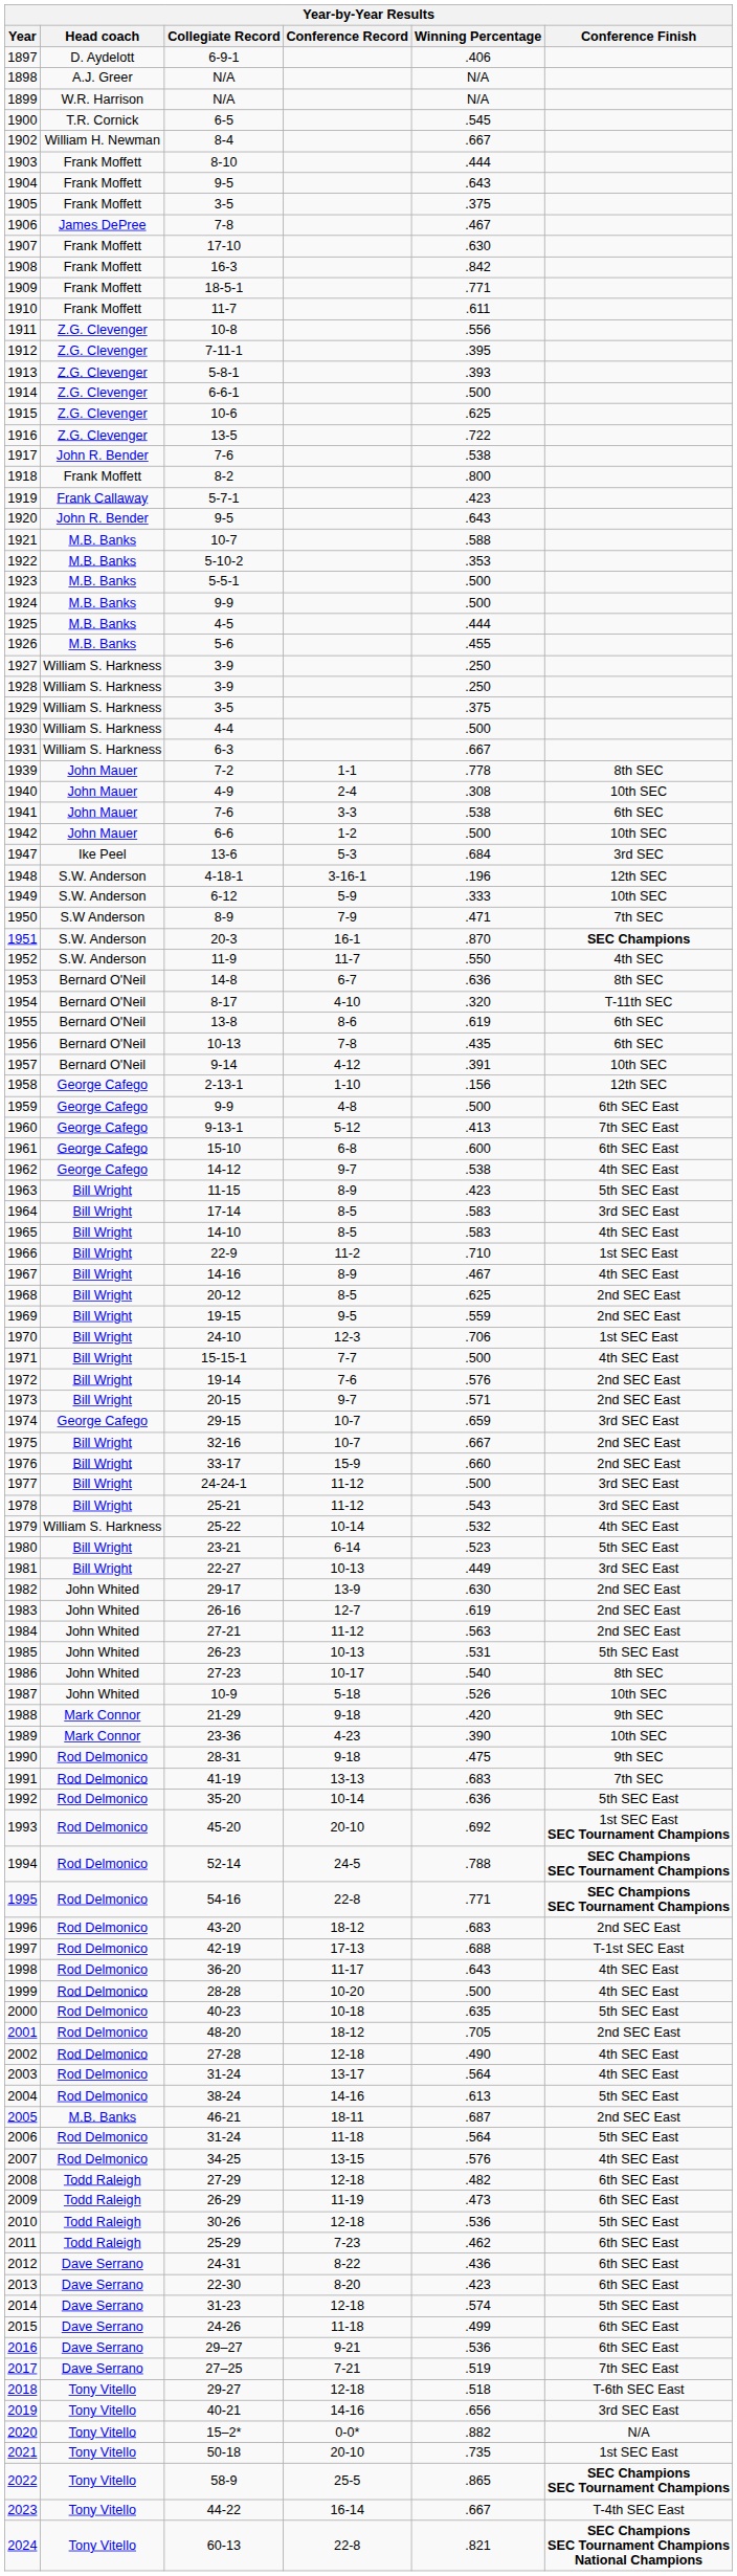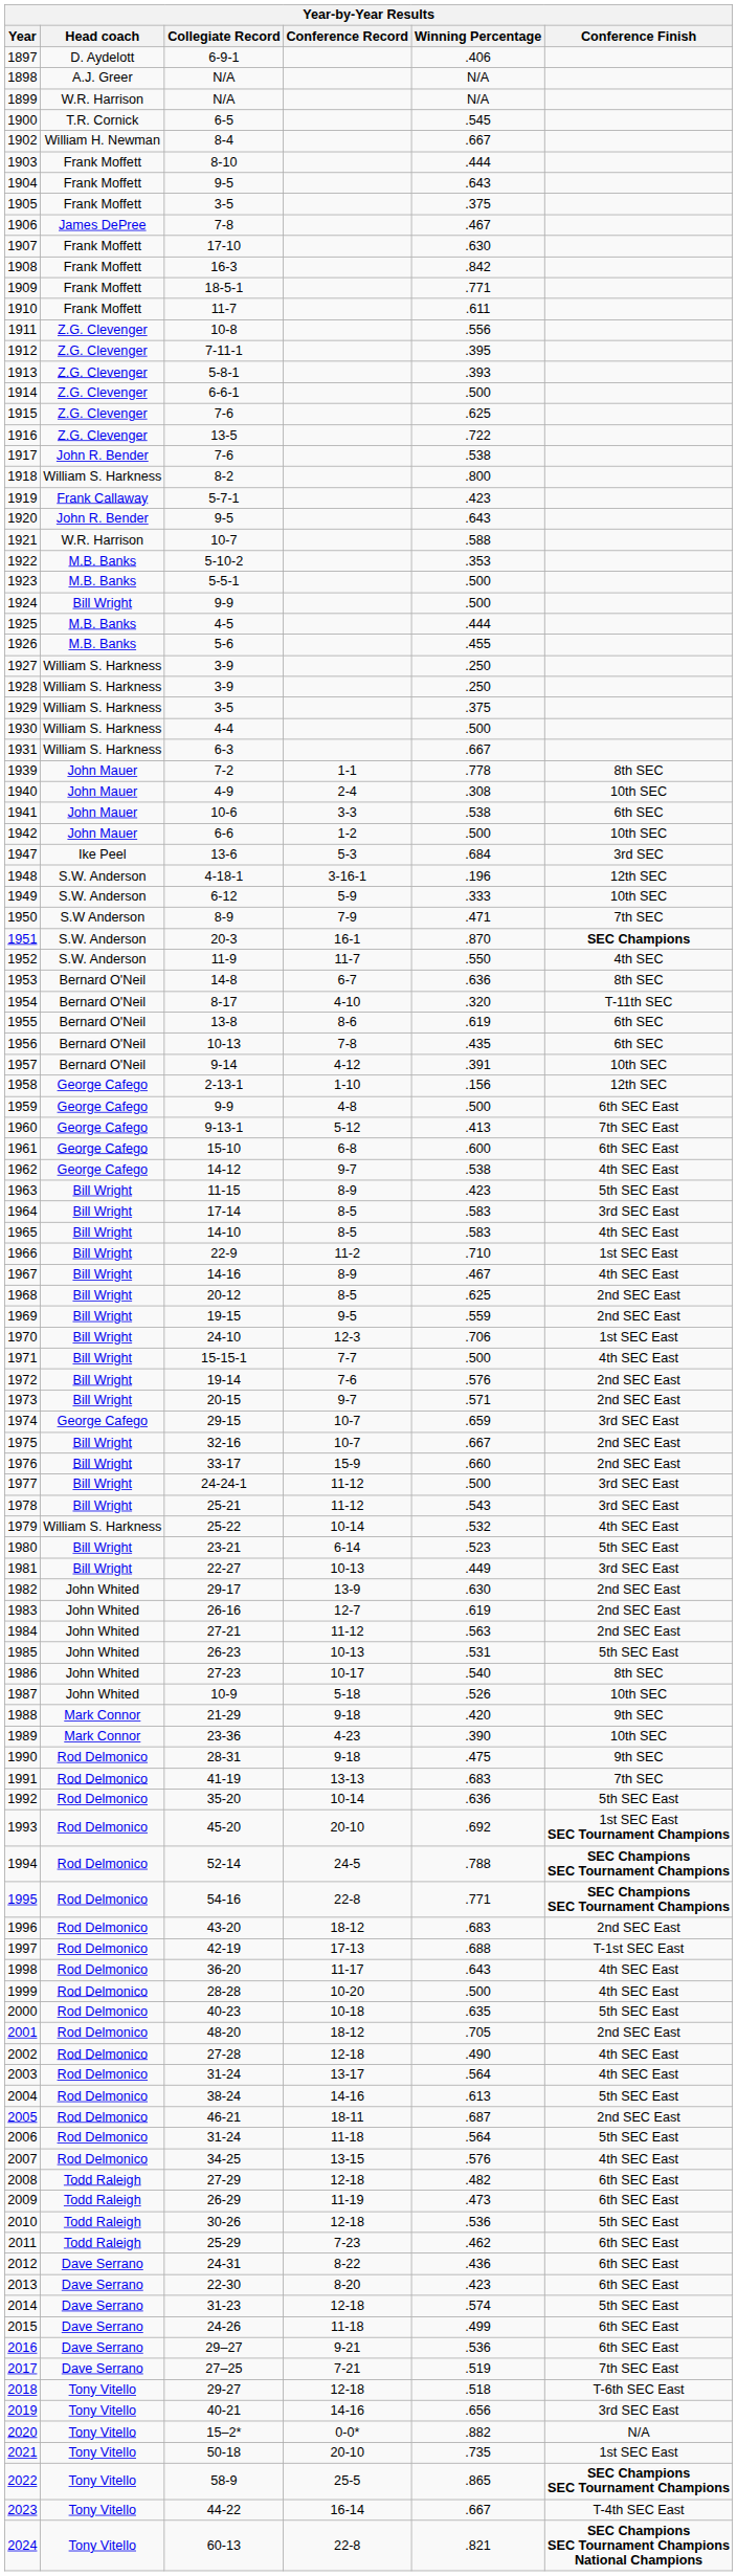 <table class="wikitable sortable collapsible" style="text-align:center">
 <tr>
 <th colspan=6>Year-by-Year Results</th>
 </tr>
 <tr>
 <th>Year</th>
 <th>Head coach</th>
 <th>Collegiate Record</th>
 <th>Conference Record</th>
 <th>Winning Percentage</th>
 <th>Conference Finish</th>
 </tr>
 <tr>
 <td>1897</td>
 <td>D. Aydelott</td>
 <td>6-9-1</td>
 <td></td>
 <td>.406</td>
 <td></td>
 </tr>
 <tr>
 <td>1898</td>
 <td>A.J. Greer</td>
 <td>N/A</td>
 <td></td>
 <td>N/A</td>
 <td></td>
 </tr>
 <tr>
 <td>1899</td>
 <td>W.R. Harrison</td>
 <td>N/A</td>
 <td></td>
 <td>N/A</td>
 <td></td>
 </tr>
 <tr>
 <td>1900</td>
 <td>T.R. Cornick</td>
 <td>6-5</td>
 <td></td>
 <td>.545</td>
 <td></td>
 </tr>
 <tr>
 <td>1902</td>
 <td>William H. Newman</td>
 <td>8-4</td>
 <td></td>
 <td>.667</td>
 <td></td>
 </tr>
 <tr>
 <td>1903</td>
 <td>Frank Moffett</td>
 <td>8-10</td>
 <td></td>
 <td>.444</td>
 <td></td>
 </tr>
 <tr>
 <td>1904</td>
 <td>Frank Moffett</td>
 <td>9-5</td>
 <td></td>
 <td>.643</td>
 <td></td>
 </tr>
 <tr>
 <td>1905</td>
 <td>Frank Moffett</td>
 <td>3-5</td>
 <td></td>
 <td>.375</td>
 <td></td>
 </tr>
 <tr>
 <td>1906</td>
 <td><a href='#'>James DePree</a></td>
 <td>7-8</td>
 <td></td>
 <td>.467</td>
 <td></td>
 </tr>
 <tr>
 <td>1907</td>
 <td>Frank Moffett</td>
 <td>17-10</td>
 <td></td>
 <td>.630</td>
 <td></td>
 </tr>
 <tr>
 <td>1908</td>
 <td>Frank Moffett</td>
 <td>16-3</td>
 <td></td>
 <td>.842</td>
 <td></td>
 </tr>
 <tr>
 <td>1909</td>
 <td>Frank Moffett</td>
 <td>18-5-1</td>
 <td></td>
 <td>.771</td>
 <td></td>
 </tr>
 <tr>
 <td>1910</td>
 <td>Frank Moffett</td>
 <td>11-7</td>
 <td></td>
 <td>.611</td>
 <td></td>
 </tr>
 <tr>
 <td>1911</td>
 <td><a href='#'>Z.G. Clevenger</a></td>
 <td>10-8</td>
 <td></td>
 <td>.556</td>
 <td></td>
 </tr>
 <tr>
 <td>1912</td>
 <td><a href='#'>Z.G. Clevenger</a></td>
 <td>7-11-1</td>
 <td></td>
 <td>.395</td>
 <td></td>
 </tr>
 <tr>
 <td>1913</td>
 <td><a href='#'>Z.G. Clevenger</a></td>
 <td>5-8-1</td>
 <td></td>
 <td>.393</td>
 <td></td>
 </tr>
 <tr>
 <td>1914</td>
 <td><a href='#'>Z.G. Clevenger</a></td>
 <td>6-6-1</td>
 <td></td>
 <td>.500</td>
 <td></td>
 </tr>
 <tr>
 <td>1915</td>
 <td><a href='#'>Z.G. Clevenger</a></td>
-<td>10-6</td>
+<td>7-6</td>
 <td></td>
 <td>.625</td>
 <td></td>
 </tr>
 <tr>
 <td>1916</td>
 <td><a href='#'>Z.G. Clevenger</a></td>
 <td>13-5</td>
 <td></td>
 <td>.722</td>
 <td></td>
 </tr>
 <tr>
 <td>1917</td>
 <td><a href='#'>John R. Bender</a></td>
 <td>7-6</td>
 <td></td>
 <td>.538</td>
 <td></td>
 </tr>
 <tr>
 <td>1918</td>
-<td>Frank Moffett</td>
+<td>William S. Harkness</td>
 <td>8-2</td>
 <td></td>
 <td>.800</td>
 <td></td>
 </tr>
 <tr>
 <td>1919</td>
 <td><a href='#'>Frank Callaway</a></td>
 <td>5-7-1</td>
 <td></td>
 <td>.423</td>
 <td></td>
 </tr>
 <tr>
 <td>1920</td>
 <td><a href='#'>John R. Bender</a></td>
 <td>9-5</td>
 <td></td>
 <td>.643</td>
 <td></td>
 </tr>
 <tr>
 <td>1921</td>
-<td><a href='#'>M.B. Banks</a></td>
+<td>W.R. Harrison</td>
 <td>10-7</td>
 <td></td>
 <td>.588</td>
 <td></td>
 </tr>
 <tr>
 <td>1922</td>
 <td><a href='#'>M.B. Banks</a></td>
 <td>5-10-2</td>
 <td></td>
 <td>.353</td>
 <td></td>
 </tr>
 <tr>
 <td>1923</td>
 <td><a href='#'>M.B. Banks</a></td>
 <td>5-5-1</td>
 <td></td>
 <td>.500</td>
 <td></td>
 </tr>
 <tr>
 <td>1924</td>
-<td><a href='#'>M.B. Banks</a></td>
+<td><a href='#'>Bill Wright</a></td>
 <td>9-9</td>
 <td></td>
 <td>.500</td>
 <td></td>
 </tr>
 <tr>
 <td>1925</td>
 <td><a href='#'>M.B. Banks</a></td>
 <td>4-5</td>
 <td></td>
 <td>.444</td>
 <td></td>
 </tr>
 <tr>
 <td>1926</td>
 <td><a href='#'>M.B. Banks</a></td>
 <td>5-6</td>
 <td></td>
 <td>.455</td>
 <td></td>
 </tr>
 <tr>
 <td>1927</td>
 <td>William S. Harkness</td>
 <td>3-9</td>
 <td></td>
 <td>.250</td>
 <td></td>
 </tr>
 <tr>
 <td>1928</td>
 <td>William S. Harkness</td>
 <td>3-9</td>
 <td></td>
 <td>.250</td>
 <td></td>
 </tr>
 <tr>
 <td>1929</td>
 <td>William S. Harkness</td>
 <td>3-5</td>
 <td></td>
 <td>.375</td>
 <td></td>
 </tr>
 <tr>
 <td>1930</td>
 <td>William S. Harkness</td>
 <td>4-4</td>
 <td></td>
 <td>.500</td>
 <td></td>
 </tr>
 <tr>
 <td>1931</td>
 <td>William S. Harkness</td>
 <td>6-3</td>
 <td></td>
 <td>.667</td>
 <td></td>
 </tr>
 <tr>
 <td>1939</td>
 <td><a href='#'>John Mauer</a></td>
 <td>7-2</td>
 <td>1-1</td>
 <td>.778</td>
 <td>8th SEC</td>
 </tr>
 <tr>
 <td>1940</td>
 <td><a href='#'>John Mauer</a></td>
 <td>4-9</td>
 <td>2-4</td>
 <td>.308</td>
 <td>10th SEC</td>
 </tr>
 <tr>
 <td>1941</td>
 <td><a href='#'>John Mauer</a></td>
-<td>7-6</td>
+<td>10-6</td>
 <td>3-3</td>
 <td>.538</td>
 <td>6th SEC</td>
 </tr>
 <tr>
 <td>1942</td>
 <td><a href='#'>John Mauer</a></td>
 <td>6-6</td>
 <td>1-2</td>
 <td>.500</td>
 <td>10th SEC</td>
 </tr>
 <tr>
 <td>1947</td>
 <td>Ike Peel</td>
 <td>13-6</td>
 <td>5-3</td>
 <td>.684</td>
 <td>3rd SEC</td>
 </tr>
 <tr>
 <td>1948</td>
 <td>S.W. Anderson</td>
 <td>4-18-1</td>
 <td>3-16-1</td>
 <td>.196</td>
 <td>12th SEC</td>
 </tr>
 <tr>
 <td>1949</td>
 <td>S.W. Anderson</td>
 <td>6-12</td>
 <td>5-9</td>
 <td>.333</td>
 <td>10th SEC</td>
 </tr>
 <tr>
 <td>1950</td>
 <td>S.W Anderson</td>
 <td>8-9</td>
 <td>7-9</td>
 <td>.471</td>
 <td>7th SEC</td>
 </tr>
 <tr>
 <td><a href='#'>1951</a></td>
 <td>S.W. Anderson</td>
 <td>20-3</td>
 <td>16-1</td>
 <td>.870</td>
 <td><strong>SEC Champions</strong></td>
 </tr>
 <tr>
 <td>1952</td>
 <td>S.W. Anderson</td>
 <td>11-9</td>
 <td>11-7</td>
 <td>.550</td>
 <td>4th SEC</td>
 </tr>
 <tr>
 <td>1953</td>
 <td>Bernard O'Neil</td>
 <td>14-8</td>
 <td>6-7</td>
 <td>.636</td>
 <td>8th SEC</td>
 </tr>
 <tr>
 <td>1954</td>
 <td>Bernard O'Neil</td>
 <td>8-17</td>
 <td>4-10</td>
 <td>.320</td>
 <td>T-11th SEC</td>
 </tr>
 <tr>
 <td>1955</td>
 <td>Bernard O'Neil</td>
 <td>13-8</td>
 <td>8-6</td>
 <td>.619</td>
 <td>6th SEC</td>
 </tr>
 <tr>
 <td>1956</td>
 <td>Bernard O'Neil</td>
 <td>10-13</td>
 <td>7-8</td>
 <td>.435</td>
 <td>6th SEC</td>
 </tr>
 <tr>
 <td>1957</td>
 <td>Bernard O'Neil</td>
 <td>9-14</td>
 <td>4-12</td>
 <td>.391</td>
 <td>10th SEC</td>
 </tr>
 <tr>
 <td>1958</td>
 <td><a href='#'>George Cafego</a></td>
 <td>2-13-1</td>
 <td>1-10</td>
 <td>.156</td>
 <td>12th SEC</td>
 </tr>
 <tr>
 <td>1959</td>
 <td><a href='#'>George Cafego</a></td>
 <td>9-9</td>
 <td>4-8</td>
 <td>.500</td>
 <td>6th SEC East</td>
 </tr>
 <tr>
 <td>1960</td>
 <td><a href='#'>George Cafego</a></td>
 <td>9-13-1</td>
 <td>5-12</td>
 <td>.413</td>
 <td>7th SEC East</td>
 </tr>
 <tr>
 <td>1961</td>
 <td><a href='#'>George Cafego</a></td>
 <td>15-10</td>
 <td>6-8</td>
 <td>.600</td>
 <td>6th SEC East</td>
 </tr>
 <tr>
 <td>1962</td>
 <td><a href='#'>George Cafego</a></td>
 <td>14-12</td>
 <td>9-7</td>
 <td>.538</td>
 <td>4th SEC East</td>
 </tr>
 <tr>
 <td>1963</td>
 <td><a href='#'>Bill Wright</a></td>
 <td>11-15</td>
 <td>8-9</td>
 <td>.423</td>
 <td>5th SEC East</td>
 </tr>
 <tr>
 <td>1964</td>
 <td><a href='#'>Bill Wright</a></td>
 <td>17-14</td>
 <td>8-5</td>
 <td>.583</td>
 <td>3rd SEC East</td>
 </tr>
 <tr>
 <td>1965</td>
 <td><a href='#'>Bill Wright</a></td>
 <td>14-10</td>
 <td>8-5</td>
 <td>.583</td>
 <td>4th SEC East</td>
 </tr>
 <tr>
 <td>1966</td>
 <td><a href='#'>Bill Wright</a></td>
 <td>22-9</td>
 <td>11-2</td>
 <td>.710</td>
 <td>1st SEC East</td>
 </tr>
 <tr>
 <td>1967</td>
 <td><a href='#'>Bill Wright</a></td>
 <td>14-16</td>
 <td>8-9</td>
 <td>.467</td>
 <td>4th SEC East</td>
 </tr>
 <tr>
 <td>1968</td>
 <td><a href='#'>Bill Wright</a></td>
 <td>20-12</td>
 <td>8-5</td>
 <td>.625</td>
 <td>2nd SEC East</td>
 </tr>
 <tr>
 <td>1969</td>
 <td><a href='#'>Bill Wright</a></td>
 <td>19-15</td>
 <td>9-5</td>
 <td>.559</td>
 <td>2nd SEC East</td>
 </tr>
 <tr>
 <td>1970</td>
 <td><a href='#'>Bill Wright</a></td>
 <td>24-10</td>
 <td>12-3</td>
 <td>.706</td>
 <td>1st SEC East</td>
 </tr>
 <tr>
 <td>1971</td>
 <td><a href='#'>Bill Wright</a></td>
 <td>15-15-1</td>
 <td>7-7</td>
 <td>.500</td>
 <td>4th SEC East</td>
 </tr>
 <tr>
 <td>1972</td>
 <td><a href='#'>Bill Wright</a></td>
 <td>19-14</td>
 <td>7-6</td>
 <td>.576</td>
 <td>2nd SEC East</td>
 </tr>
 <tr>
 <td>1973</td>
 <td><a href='#'>Bill Wright</a></td>
 <td>20-15</td>
 <td>9-7</td>
 <td>.571</td>
 <td>2nd SEC East</td>
 </tr>
 <tr>
 <td>1974</td>
 <td><a href='#'>George Cafego</a></td>
 <td>29-15</td>
 <td>10-7</td>
 <td>.659</td>
 <td>3rd SEC East</td>
 </tr>
 <tr>
 <td>1975</td>
 <td><a href='#'>Bill Wright</a></td>
 <td>32-16</td>
 <td>10-7</td>
 <td>.667</td>
 <td>2nd SEC East</td>
 </tr>
 <tr>
 <td>1976</td>
 <td><a href='#'>Bill Wright</a></td>
 <td>33-17</td>
 <td>15-9</td>
 <td>.660</td>
 <td>2nd SEC East</td>
 </tr>
 <tr>
 <td>1977</td>
 <td><a href='#'>Bill Wright</a></td>
 <td>24-24-1</td>
 <td>11-12</td>
 <td>.500</td>
 <td>3rd SEC East</td>
 </tr>
 <tr>
 <td>1978</td>
 <td><a href='#'>Bill Wright</a></td>
 <td>25-21</td>
 <td>11-12</td>
 <td>.543</td>
 <td>3rd SEC East</td>
 </tr>
 <tr>
 <td>1979</td>
 <td>William S. Harkness</td>
 <td>25-22</td>
 <td>10-14</td>
 <td>.532</td>
 <td>4th SEC East</td>
 </tr>
 <tr>
 <td>1980</td>
 <td><a href='#'>Bill Wright</a></td>
 <td>23-21</td>
 <td>6-14</td>
 <td>.523</td>
 <td>5th SEC East</td>
 </tr>
 <tr>
 <td>1981</td>
 <td><a href='#'>Bill Wright</a></td>
 <td>22-27</td>
 <td>10-13</td>
 <td>.449</td>
 <td>3rd SEC East</td>
 </tr>
 <tr>
 <td>1982</td>
 <td>John Whited</td>
 <td>29-17</td>
 <td>13-9</td>
 <td>.630</td>
 <td>2nd SEC East</td>
 </tr>
 <tr>
 <td>1983</td>
 <td>John Whited</td>
 <td>26-16</td>
 <td>12-7</td>
 <td>.619</td>
 <td>2nd SEC East</td>
 </tr>
 <tr>
 <td>1984</td>
 <td>John Whited</td>
 <td>27-21</td>
 <td>11-12</td>
 <td>.563</td>
 <td>2nd SEC East</td>
 </tr>
 <tr>
 <td>1985</td>
 <td>John Whited</td>
 <td>26-23</td>
 <td>10-13</td>
 <td>.531</td>
 <td>5th SEC East</td>
 </tr>
 <tr>
 <td>1986</td>
 <td>John Whited</td>
 <td>27-23</td>
 <td>10-17</td>
 <td>.540</td>
 <td>8th SEC</td>
 </tr>
 <tr>
 <td>1987</td>
 <td>John Whited</td>
 <td>10-9</td>
 <td>5-18</td>
 <td>.526</td>
 <td>10th SEC</td>
 </tr>
 <tr>
 <td>1988</td>
 <td><a href='#'>Mark Connor</a></td>
 <td>21-29</td>
 <td>9-18</td>
 <td>.420</td>
 <td>9th SEC</td>
 </tr>
 <tr>
 <td>1989</td>
 <td><a href='#'>Mark Connor</a></td>
 <td>23-36</td>
 <td>4-23</td>
 <td>.390</td>
 <td>10th SEC</td>
 </tr>
 <tr>
 <td>1990</td>
 <td><a href='#'>Rod Delmonico</a></td>
 <td>28-31</td>
 <td>9-18</td>
 <td>.475</td>
 <td>9th SEC</td>
 </tr>
 <tr>
 <td>1991</td>
 <td><a href='#'>Rod Delmonico</a></td>
 <td>41-19</td>
 <td>13-13</td>
 <td>.683</td>
 <td>7th SEC</td>
 </tr>
 <tr>
 <td>1992</td>
 <td><a href='#'>Rod Delmonico</a></td>
 <td>35-20</td>
 <td>10-14</td>
 <td>.636</td>
 <td>5th SEC East</td>
 </tr>
 <tr>
 <td>1993</td>
 <td><a href='#'>Rod Delmonico</a></td>
 <td>45-20</td>
 <td>20-10</td>
 <td>.692</td>
 <td>1st SEC East<br><strong>SEC Tournament Champions</strong></td>
 </tr>
 <tr>
 <td>1994</td>
 <td><a href='#'>Rod Delmonico</a></td>
 <td>52-14</td>
 <td>24-5</td>
 <td>.788</td>
 <td><strong>SEC Champions</strong><br><strong>SEC Tournament Champions</strong></td>
 </tr>
 <tr>
 <td><a href='#'>1995</a></td>
 <td><a href='#'>Rod Delmonico</a></td>
 <td>54-16</td>
 <td>22-8</td>
 <td>.771</td>
 <td><strong>SEC Champions</strong><br><strong>SEC Tournament Champions</strong></td>
 </tr>
 <tr>
 <td>1996</td>
 <td><a href='#'>Rod Delmonico</a></td>
 <td>43-20</td>
 <td>18-12</td>
 <td>.683</td>
 <td>2nd SEC East</td>
 </tr>
 <tr>
 <td>1997</td>
 <td><a href='#'>Rod Delmonico</a></td>
 <td>42-19</td>
 <td>17-13</td>
 <td>.688</td>
 <td>T-1st SEC East</td>
 </tr>
 <tr>
 <td>1998</td>
 <td><a href='#'>Rod Delmonico</a></td>
 <td>36-20</td>
 <td>11-17</td>
 <td>.643</td>
 <td>4th SEC East</td>
 </tr>
 <tr>
 <td>1999</td>
 <td><a href='#'>Rod Delmonico</a></td>
 <td>28-28</td>
 <td>10-20</td>
 <td>.500</td>
 <td>4th SEC East</td>
 </tr>
 <tr>
 <td>2000</td>
 <td><a href='#'>Rod Delmonico</a></td>
 <td>40-23</td>
 <td>10-18</td>
 <td>.635</td>
 <td>5th SEC East</td>
 </tr>
 <tr>
 <td><a href='#'>2001</a></td>
 <td><a href='#'>Rod Delmonico</a></td>
 <td>48-20</td>
 <td>18-12</td>
 <td>.705</td>
 <td>2nd SEC East</td>
 </tr>
 <tr>
 <td>2002</td>
 <td><a href='#'>Rod Delmonico</a></td>
 <td>27-28</td>
 <td>12-18</td>
 <td>.490</td>
 <td>4th SEC East</td>
 </tr>
 <tr>
 <td>2003</td>
 <td><a href='#'>Rod Delmonico</a></td>
 <td>31-24</td>
 <td>13-17</td>
 <td>.564</td>
 <td>4th SEC East</td>
 </tr>
 <tr>
 <td>2004</td>
 <td><a href='#'>Rod Delmonico</a></td>
 <td>38-24</td>
 <td>14-16</td>
 <td>.613</td>
 <td>5th SEC East</td>
 </tr>
 <tr>
 <td><a href='#'>2005</a></td>
-<td><a href='#'>M.B. Banks</a></td>
+<td><a href='#'>Rod Delmonico</a></td>
 <td>46-21</td>
 <td>18-11</td>
 <td>.687</td>
 <td>2nd SEC East</td>
 </tr>
 <tr>
 <td>2006</td>
 <td><a href='#'>Rod Delmonico</a></td>
 <td>31-24</td>
 <td>11-18</td>
 <td>.564</td>
 <td>5th SEC East</td>
 </tr>
 <tr>
 <td>2007</td>
 <td><a href='#'>Rod Delmonico</a></td>
 <td>34-25</td>
 <td>13-15</td>
 <td>.576</td>
 <td>4th SEC East</td>
 </tr>
 <tr>
 <td>2008</td>
 <td><a href='#'>Todd Raleigh</a></td>
 <td>27-29</td>
 <td>12-18</td>
 <td>.482</td>
 <td>6th SEC East</td>
 </tr>
 <tr>
 <td>2009</td>
 <td><a href='#'>Todd Raleigh</a></td>
 <td>26-29</td>
 <td>11-19</td>
 <td>.473</td>
 <td>6th SEC East</td>
 </tr>
 <tr>
 <td>2010</td>
 <td><a href='#'>Todd Raleigh</a></td>
 <td>30-26</td>
 <td>12-18</td>
 <td>.536</td>
 <td>5th SEC East</td>
 </tr>
 <tr>
 <td>2011</td>
 <td><a href='#'>Todd Raleigh</a></td>
 <td>25-29</td>
 <td>7-23</td>
 <td>.462</td>
 <td>6th SEC East</td>
 </tr>
 <tr>
 <td>2012</td>
 <td><a href='#'>Dave Serrano</a></td>
 <td>24-31</td>
 <td>8-22</td>
 <td>.436</td>
 <td>6th SEC East</td>
 </tr>
 <tr>
 <td>2013</td>
 <td><a href='#'>Dave Serrano</a></td>
 <td>22-30</td>
 <td>8-20</td>
 <td>.423</td>
 <td>6th SEC East</td>
 </tr>
 <tr>
 <td>2014</td>
 <td><a href='#'>Dave Serrano</a></td>
 <td>31-23</td>
 <td>12-18</td>
 <td>.574</td>
 <td>5th SEC East</td>
 </tr>
 <tr>
 <td>2015</td>
 <td><a href='#'>Dave Serrano</a></td>
 <td>24-26</td>
 <td>11-18</td>
 <td>.499</td>
 <td>6th SEC East</td>
 </tr>
 <tr>
 <td><a href='#'>2016</a></td>
 <td><a href='#'>Dave Serrano</a></td>
 <td>29–27</td>
 <td>9-21</td>
 <td>.536</td>
 <td>6th SEC East</td>
 </tr>
 <tr>
 <td><a href='#'>2017</a></td>
 <td><a href='#'>Dave Serrano</a></td>
 <td>27–25</td>
 <td>7-21</td>
 <td>.519</td>
 <td>7th SEC East</td>
 </tr>
 <tr>
 <td><a href='#'>2018</a></td>
 <td><a href='#'>Tony Vitello</a></td>
 <td>29-27</td>
 <td>12-18</td>
 <td>.518</td>
 <td>T-6th SEC East</td>
 </tr>
 <tr>
 <td><a href='#'>2019</a></td>
 <td><a href='#'>Tony Vitello</a></td>
 <td>40-21</td>
 <td>14-16</td>
 <td>.656</td>
 <td>3rd SEC East</td>
 </tr>
 <tr>
 <td><a href='#'>2020</a></td>
 <td><a href='#'>Tony Vitello</a></td>
 <td>15–2*</td>
 <td>0-0*</td>
 <td>.882</td>
 <td>N/A</td>
 </tr>
 <tr>
 <td><a href='#'>2021</a></td>
 <td><a href='#'>Tony Vitello</a></td>
 <td>50-18</td>
 <td>20-10</td>
 <td>.735</td>
 <td>1st SEC East</td>
 </tr>
 <tr>
 <td><a href='#'>2022</a></td>
 <td><a href='#'>Tony Vitello</a></td>
 <td>58-9</td>
 <td>25-5</td>
 <td>.865</td>
 <td><strong>SEC Champions</strong><br><strong>SEC Tournament Champions</strong></td>
 </tr>
 <tr>
 <td><a href='#'>2023</a></td>
 <td><a href='#'>Tony Vitello</a></td>
 <td>44-22</td>
 <td>16-14</td>
 <td>.667</td>
 <td>T-4th SEC East </td>
 </tr>
 <tr>
 <td><a href='#'>2024</a></td>
 <td><a href='#'>Tony Vitello</a></td>
 <td>60-13</td>
 <td>22-8</td>
 <td>.821</td>
 <td><strong>SEC Champions</strong><br><strong>SEC Tournament Champions</strong><br><strong>National Champions</strong></td>
 </tr>
 </table>
